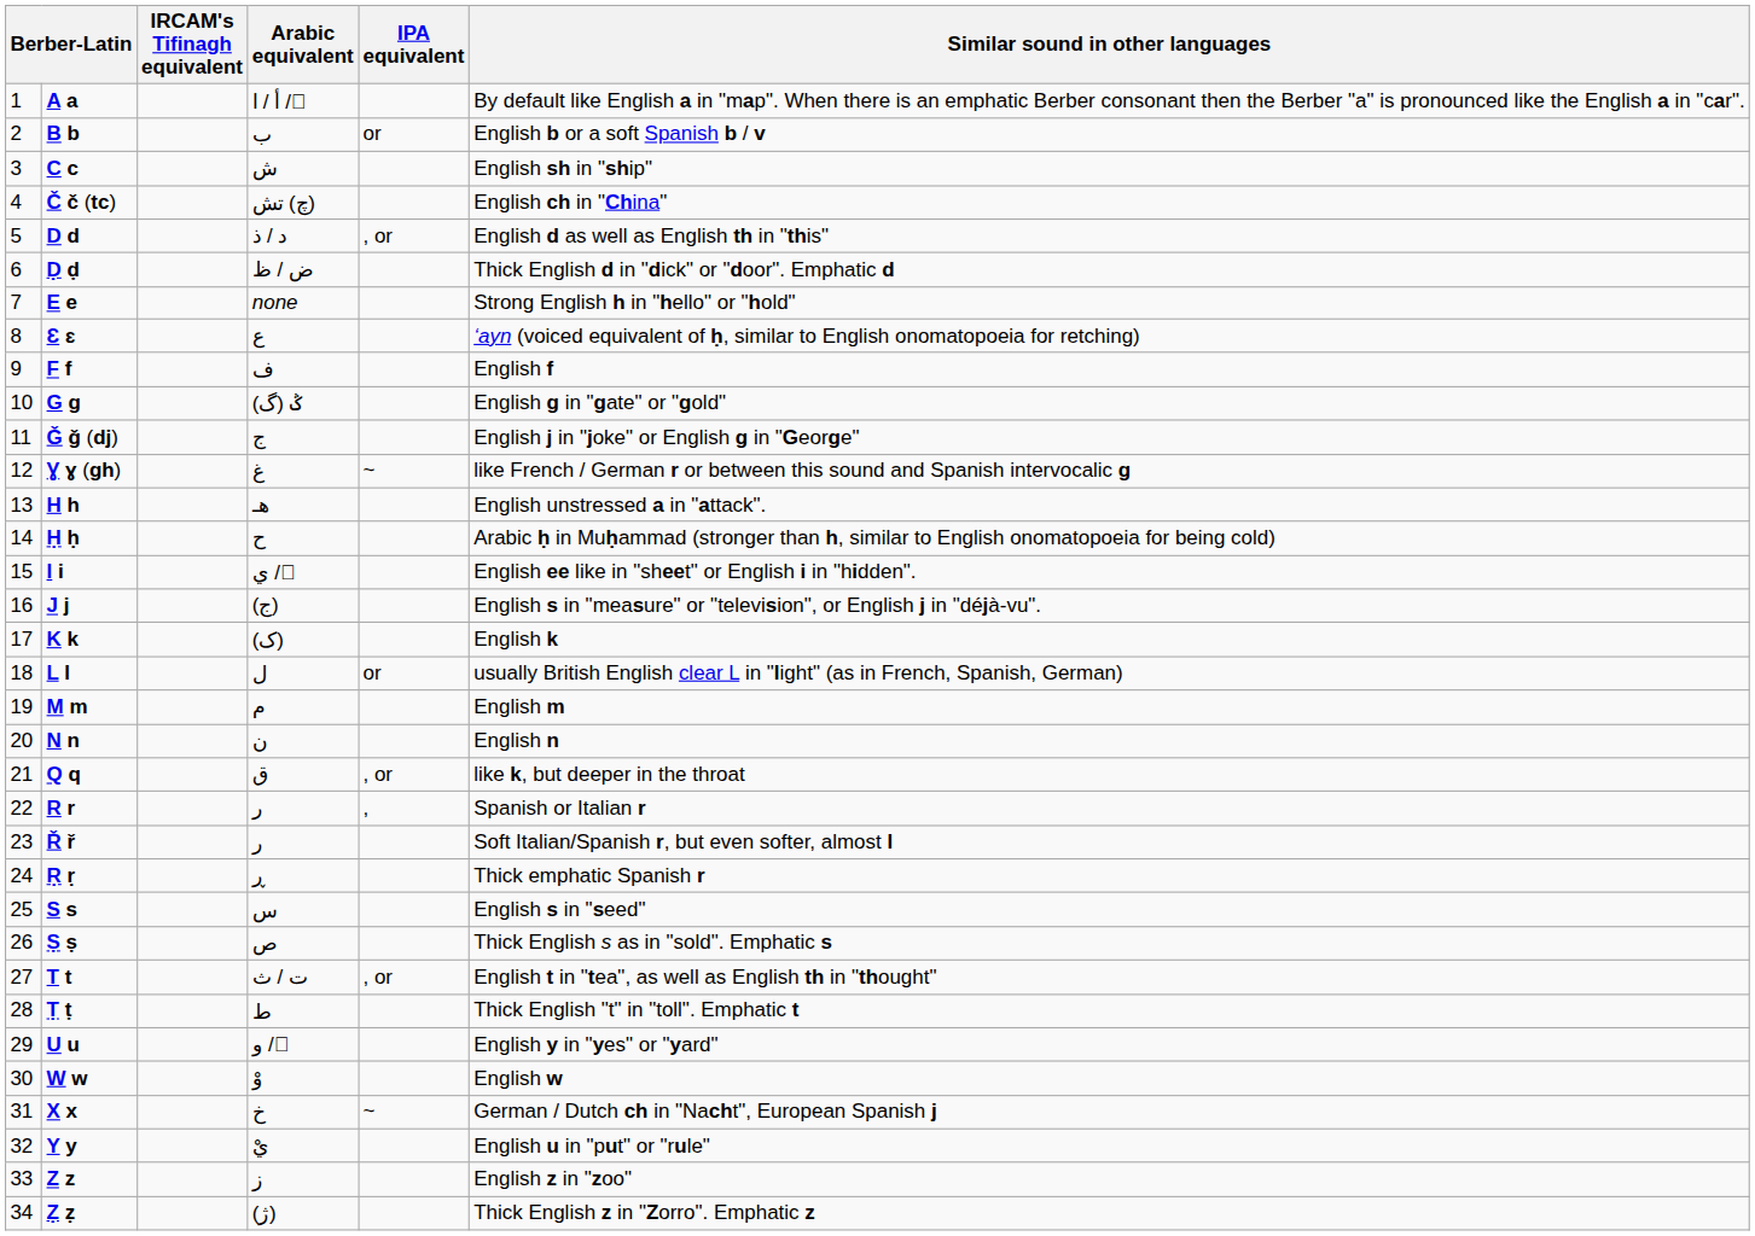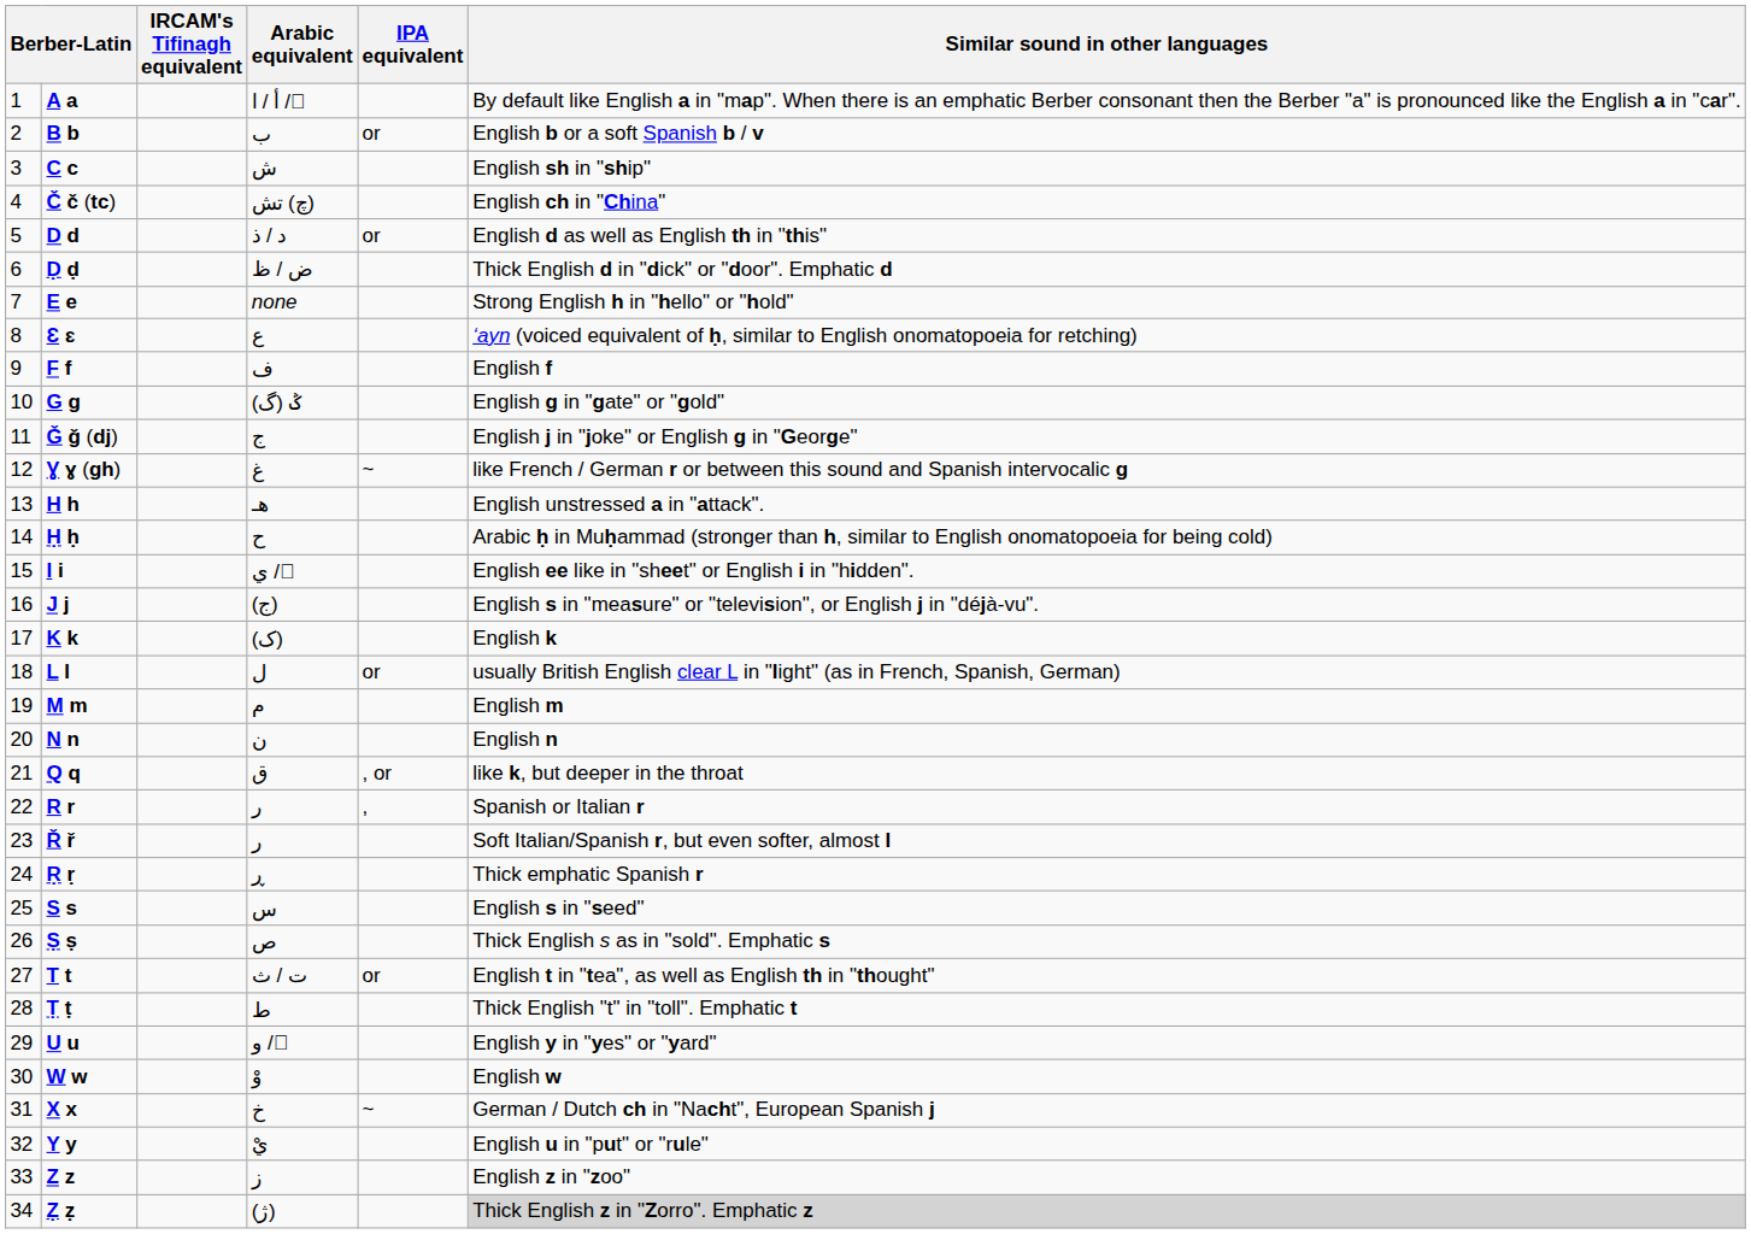 <table class="wikitable">
 <tr>
 <th colspan="2"><strong>Berber-Latin</strong></th>
 <th>IRCAM's<br><a href='#'>Tifinagh</a><br>equivalent</th>
 <th>Arabic<br>equivalent</th>
 <th><a href='#'>IPA</a><br>equivalent</th>
 <th rowspan="1">Similar sound in other languages</th>
 </tr>
 <tr>
 <td>1</td>
 <td><strong><a href='#'>A</a> a</strong></td>
 <td style="font-size:140%"></td>
 <td>أ / ا / َ</td>
 <td></td>
 <td>By default like English <strong>a</strong> in "m<strong>a</strong>p". When there is an emphatic Berber consonant then the Berber "a" is pronounced like the English <strong>a</strong> in "c<strong>a</strong>r".</td>
 </tr>
 <tr>
 <td>2</td>
 <td><strong><a href='#'>B</a> b</strong></td>
 <td style="font-size:140%"></td>
 <td>ب</td>
 <td> or </td>
 <td>English <strong>b</strong> or a soft <a href='#'>Spanish</a> <strong>b</strong> / <strong>v</strong></td>
 </tr>
 <tr>
 <td>3</td>
 <td><strong><a href='#'>C</a> c</strong></td>
 <td style="font-size:140%"></td>
 <td>ش</td>
 <td></td>
 <td>English <strong>sh</strong> in "<strong>sh</strong>ip"</td>
 </tr>
 <tr>
 <td>4</td>
 <td><strong><a href='#'>Č</a> č</strong> (<strong>tc</strong>)</td>
 <td style="font-size:140%"></td>
 <td>تش (چ‎)</td>
 <td></td>
 <td>English <strong>ch</strong> in "<a href='#'><strong>Ch</strong>ina</a>"</td>
 </tr>
 <tr>
 <td>5</td>
 <td><strong><a href='#'>D</a> d</strong></td>
 <td style="font-size:140%"></td>
 <td>د / ذ</td>
-<td>,  or </td>
+<td> or </td>
 <td>English <strong>d</strong> as well as English <strong>th</strong> in "<strong>th</strong>is"</td>
 </tr>
 <tr>
 <td>6</td>
 <td><strong><a href='#'>Ḍ</a> ḍ</strong></td>
 <td style="font-size:140%"></td>
 <td>ض / ظ</td>
 <td></td>
 <td>Thick English <strong>d</strong> in "<strong>d</strong>ick" or "<strong>d</strong>oor". Emphatic <strong>d</strong></td>
 </tr>
 <tr>
 <td>7</td>
 <td><strong><a href='#'>E</a> e</strong></td>
 <td style="font-size:140%"></td>
 <td><em>none</em></td>
 <td></td>
 <td>Strong English <strong>h</strong> in "<strong>h</strong>ello" or "<strong>h</strong>old"</td>
 </tr>
 <tr>
 <td>8</td>
 <td><strong><a href='#'>Ɛ</a> ɛ</strong></td>
 <td style="font-size:140%"></td>
 <td>ع</td>
 <td></td>
 <td><a href='#'><em>‘ayn</em></a> (voiced equivalent of <strong>ḥ</strong>, similar to English onomatopoeia for retching)</td>
 </tr>
 <tr>
 <td>9</td>
 <td><strong><a href='#'>F</a> f</strong></td>
 <td style="font-size:140%"></td>
 <td>ف</td>
 <td></td>
 <td>English <strong>f</strong></td>
 </tr>
 <tr>
 <td>10</td>
 <td><strong><a href='#'>G</a> g</strong></td>
 <td style="font-size:140%"></td>
 <td>ݣ (گ)</td>
 <td></td>
 <td>English <strong>g</strong> in "<strong>g</strong>ate" or "<strong>g</strong>old"</td>
 </tr>
 <tr>
 <td>11</td>
 <td><strong><a href='#'>Ǧ</a> ǧ</strong> (<strong>dj</strong>)</td>
 <td style="font-size:140%"></td>
 <td>ج</td>
 <td></td>
 <td>English <strong>j</strong> in "<strong>j</strong>oke" or English <strong>g</strong> in "<strong>G</strong>eor<strong>g</strong>e"</td>
 </tr>
 <tr>
 <td>12</td>
 <td><strong><a href='#'>Ɣ</a> ɣ</strong> (<strong>gh</strong>)</td>
 <td style="font-size:140%"></td>
 <td>غ</td>
 <td>~</td>
 <td>like French / German <strong>r</strong> or between this sound and Spanish intervocalic <strong>g</strong></td>
 </tr>
 <tr>
 <td>13</td>
 <td><strong><a href='#'>H</a> h</strong></td>
 <td style="font-size:140%"></td>
 <td>هـ</td>
 <td></td>
 <td>English unstressed <strong>a</strong> in "<strong>a</strong>ttack".</td>
 </tr>
 <tr>
 <td>14</td>
 <td><strong><a href='#'>Ḥ</a> ḥ</strong></td>
 <td style="font-size:140%"></td>
 <td>ح</td>
 <td></td>
 <td>Arabic <strong>ḥ</strong> in Mu<strong>ḥ</strong>ammad (stronger than <strong>h</strong>, similar to English onomatopoeia for being cold)</td>
 </tr>
 <tr>
 <td>15</td>
 <td><strong><a href='#'>I</a> i</strong></td>
 <td style="font-size:140%"></td>
 <td>ي / ِ</td>
 <td></td>
 <td>English <strong>ee</strong> like in "sh<strong>ee</strong>t" or English <strong>i</strong> in "h<strong>i</strong>dden".</td>
 </tr>
 <tr>
 <td>16</td>
 <td><strong><a href='#'>J</a> j</strong></td>
 <td style="font-size:140%"></td>
 <td>(ج)</td>
 <td></td>
 <td>English <strong>s</strong> in "mea<strong>s</strong>ure" or "televi<strong>s</strong>ion", or English <strong>j</strong> in "dé<strong>j</strong>à-vu".</td>
 </tr>
 <tr>
 <td>17</td>
 <td><strong><a href='#'>K</a> k</strong></td>
 <td style="font-size:140%"></td>
 <td>(ک)</td>
 <td></td>
 <td>English <strong>k</strong></td>
 </tr>
 <tr>
 <td>18</td>
 <td><strong><a href='#'>L</a> l</strong></td>
 <td style="font-size:140%"></td>
 <td>ل</td>
 <td> or </td>
 <td>usually British English <a href='#'>clear L</a> in "<strong>l</strong>ight" (as in French, Spanish, German)</td>
 </tr>
 <tr>
 <td>19</td>
 <td><strong><a href='#'>M</a> m</strong></td>
 <td style="font-size:140%"></td>
 <td>م</td>
 <td></td>
 <td>English <strong>m</strong></td>
 </tr>
 <tr>
 <td>20</td>
 <td><strong><a href='#'>N</a> n</strong></td>
 <td style="font-size:140%"></td>
 <td>ن</td>
 <td></td>
 <td>English <strong>n</strong></td>
 </tr>
 <tr>
 <td>21</td>
 <td><strong><a href='#'>Q</a> q</strong></td>
 <td style="font-size:140%"></td>
 <td>ق</td>
 <td>,  or </td>
 <td>like <strong>k</strong>, but deeper in the throat</td>
 </tr>
 <tr>
 <td>22</td>
 <td><strong><a href='#'>R</a> r</strong></td>
 <td style="font-size:140%"></td>
 <td>ر</td>
 <td>, </td>
 <td>Spanish or Italian <strong>r</strong></td>
 </tr>
 <tr>
 <td>23</td>
 <td><strong><a href='#'>Ř</a> ř</strong></td>
 <td style="font-size:140%"></td>
 <td>ر</td>
 <td></td>
 <td>Soft Italian/Spanish <strong>r</strong>, but even softer, almost <strong>l</strong></td>
 </tr>
 <tr>
 <td>24</td>
 <td><strong><a href='#'>Ṛ</a> ṛ</strong></td>
 <td style="font-size:140%"></td>
 <td>ڕ</td>
 <td></td>
 <td>Thick emphatic Spanish <strong>r</strong></td>
 </tr>
 <tr>
 <td>25</td>
 <td><strong><a href='#'>S</a> s</strong></td>
 <td style="font-size:140%"></td>
 <td>س</td>
 <td></td>
 <td>English <strong>s</strong> in "<strong>s</strong>eed"</td>
 </tr>
 <tr>
 <td>26</td>
 <td><strong><a href='#'>Ṣ</a> ṣ</strong></td>
 <td style="font-size:140%"></td>
 <td>ص</td>
 <td></td>
 <td>Thick English <em>s</em> as in "sold". Emphatic <strong>s</strong></td>
 </tr>
 <tr>
 <td>27</td>
 <td><strong><a href='#'>T</a> t</strong></td>
 <td style="font-size:140%"></td>
 <td>ت / ث</td>
-<td>,  or </td>
+<td> or </td>
 <td>English <strong>t</strong> in "<strong>t</strong>ea", as well as English <strong>th</strong> in "<strong>th</strong>ought"</td>
 </tr>
 <tr>
 <td>28</td>
 <td><strong><a href='#'>Ṭ</a> ṭ</strong></td>
 <td style="font-size:140%"></td>
 <td>ط</td>
 <td></td>
 <td>Thick English "t" in "toll". Emphatic <strong>t</strong></td>
 </tr>
 <tr>
 <td>29</td>
 <td><strong><a href='#'>U</a> u</strong></td>
 <td style="font-size:140%"></td>
 <td>و / ُ</td>
 <td></td>
 <td>English <strong>y</strong> in "<strong>y</strong>es" or "<strong>y</strong>ard"</td>
 </tr>
 <tr>
 <td>30</td>
 <td><strong><a href='#'>W</a> w</strong></td>
 <td style="font-size:140%"></td>
 <td>وْ</td>
 <td></td>
 <td>English <strong>w</strong></td>
 </tr>
 <tr>
 <td>31</td>
 <td><strong><a href='#'>X</a> x</strong></td>
 <td style="font-size:140%"></td>
 <td>خ</td>
 <td>~</td>
 <td>German / Dutch <strong>ch</strong> in "Na<strong>ch</strong>t", European Spanish <strong>j</strong></td>
 </tr>
 <tr>
 <td>32</td>
 <td><strong><a href='#'>Y</a> y</strong></td>
 <td style="font-size:140%"></td>
 <td>يْ</td>
 <td></td>
 <td>English <strong>u</strong> in "p<strong>u</strong>t" or "r<strong>u</strong>le"</td>
 </tr>
 <tr>
 <td>33</td>
 <td><strong><a href='#'>Z</a> z</strong></td>
 <td style="font-size:140%"></td>
 <td>ز</td>
 <td></td>
 <td>English <strong>z</strong> in "<strong>z</strong>oo"</td>
 </tr>
 <tr>
 <td>34</td>
 <td><strong><a href='#'>Ẓ</a> ẓ</strong></td>
 <td style="font-size:140%"></td>
 <td>(ژ)</td>
 <td></td>
-<td>Thick English <strong>z</strong> in "<strong>Z</strong>orro". Emphatic <strong>z</strong></td>
+<td style="background: lightgrey;">Thick English <strong>z</strong> in "<strong>Z</strong>orro". Emphatic <strong>z</strong></td>
 </tr>
 </table>
